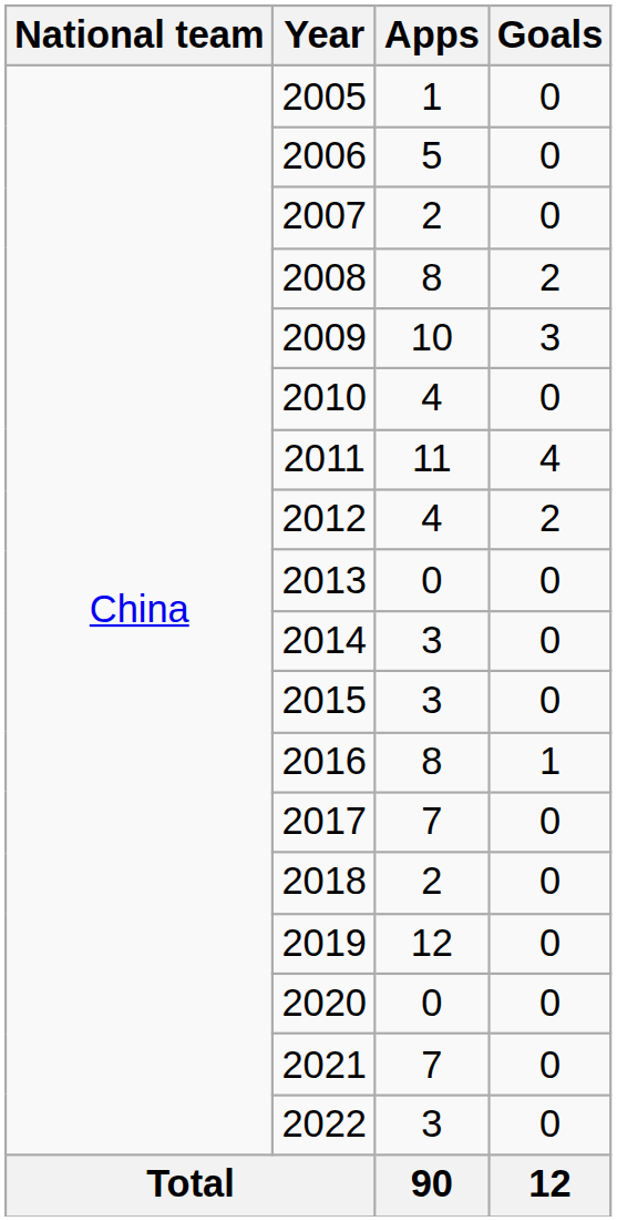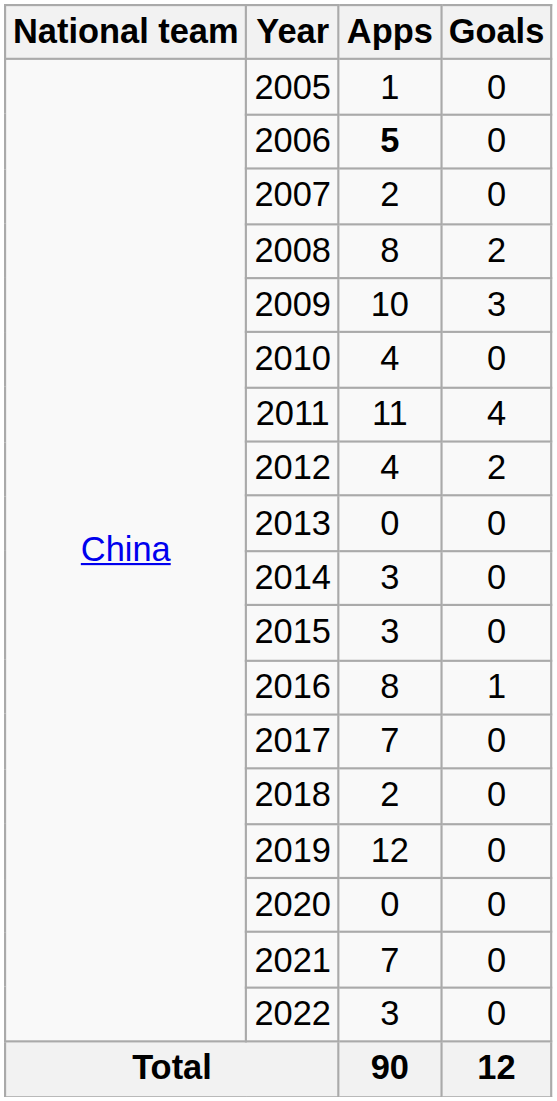 <table class="wikitable" style="text-align:center">
 <tr>
 <th>National team</th>
 <th>Year</th>
 <th>Apps</th>
 <th>Goals</th>
 </tr>
 <tr>
 <td rowspan="18"><a href='#'>China</a></td>
 <td>2005</td>
 <td>1</td>
 <td>0</td>
 </tr>
 <tr>
 <td>2006</td>
-<td>5</td>
+<td><strong>5</strong></td>
 <td>0</td>
 </tr>
 <tr>
 <td>2007</td>
 <td>2</td>
 <td>0</td>
 </tr>
 <tr>
 <td>2008</td>
 <td>8</td>
 <td>2</td>
 </tr>
 <tr>
 <td>2009</td>
 <td>10</td>
 <td>3</td>
 </tr>
 <tr>
 <td>2010</td>
 <td>4</td>
 <td>0</td>
 </tr>
 <tr>
 <td>2011</td>
 <td>11</td>
 <td>4</td>
 </tr>
 <tr>
 <td>2012</td>
 <td>4</td>
 <td>2</td>
 </tr>
 <tr>
 <td>2013</td>
 <td>0</td>
 <td>0</td>
 </tr>
 <tr>
 <td>2014</td>
 <td>3</td>
 <td>0</td>
 </tr>
 <tr>
 <td>2015</td>
 <td>3</td>
 <td>0</td>
 </tr>
 <tr>
 <td>2016</td>
 <td>8</td>
 <td>1</td>
 </tr>
 <tr>
 <td>2017</td>
 <td>7</td>
 <td>0</td>
 </tr>
 <tr>
 <td>2018</td>
 <td>2</td>
 <td>0</td>
 </tr>
 <tr>
 <td>2019</td>
 <td>12</td>
 <td>0</td>
 </tr>
 <tr>
 <td>2020</td>
 <td>0</td>
 <td>0</td>
 </tr>
 <tr>
 <td>2021</td>
 <td>7</td>
 <td>0</td>
 </tr>
 <tr>
 <td>2022</td>
 <td>3</td>
 <td>0</td>
 </tr>
 <tr>
 <th colspan="2">Total</th>
 <th>90</th>
 <th>12</th>
 </tr>
 </table>
